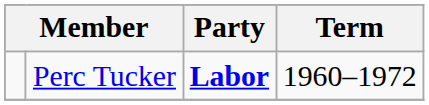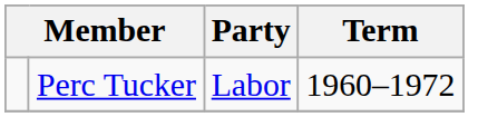 <table class="wikitable">
 <tr>
 <th colspan=2>Member</th>
 <th>Party</th>
 <th>Term</th>
 </tr>
 <tr>
 <td> </td>
 <td><a href='#'>Perc Tucker</a></td>
-<td><strong><a href='#'>Labor</a></strong></td>
+<td><a href='#'>Labor</a></td>
 <td>1960–1972</td>
 </tr>
 <tr>
 </tr>
 </table>
